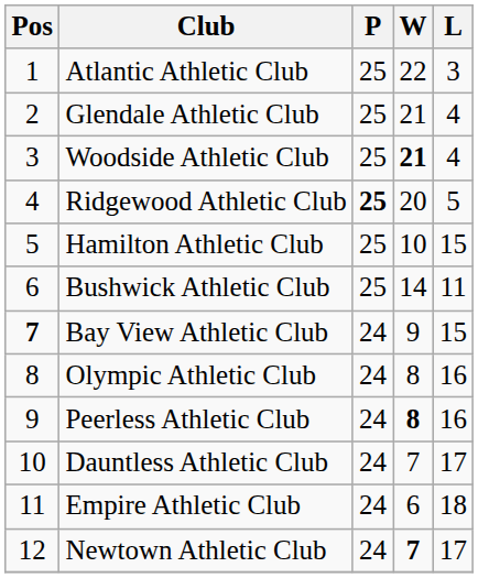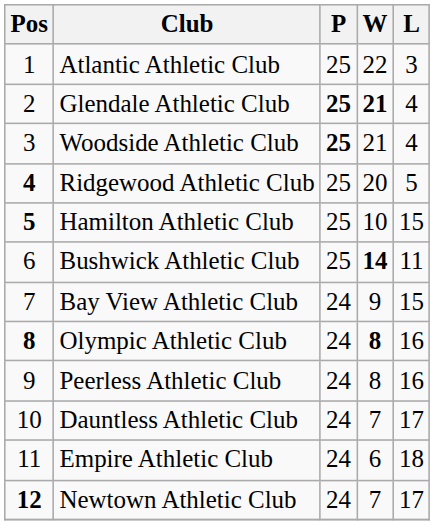 <table class="wikitable" style=text-align:center>
 <tr>
 <th>Pos</th>
 <th>Club</th>
 <th>P</th>
 <th>W</th>
 <th>L</th>
 </tr>
 <tr>
 <td>1</td>
 <td align=left>Atlantic Athletic Club</td>
 <td>25</td>
 <td>22</td>
 <td>3</td>
 </tr>
 <tr>
 <td>2</td>
 <td align=left>Glendale Athletic Club</td>
-<td>25</td>
-<td>21</td>
+<td><strong>25</strong></td>
+<td><strong>21</strong></td>
 <td>4</td>
 </tr>
 <tr>
 <td>3</td>
 <td align=left>Woodside Athletic Club</td>
-<td>25</td>
-<td><strong>21</strong></td>
+<td><strong>25</strong></td>
+<td>21</td>
 <td>4</td>
 </tr>
 <tr>
-<td>4</td>
+<td><strong>4</strong></td>
 <td align=left>Ridgewood Athletic Club</td>
-<td><strong>25</strong></td>
+<td>25</td>
 <td>20</td>
 <td>5</td>
 </tr>
 <tr>
-<td>5</td>
+<td><strong>5</strong></td>
 <td align=left>Hamilton Athletic Club</td>
 <td>25</td>
 <td>10</td>
 <td>15</td>
 </tr>
 <tr>
 <td>6</td>
 <td align=left>Bushwick Athletic Club</td>
 <td>25</td>
-<td>14</td>
+<td><strong>14</strong></td>
 <td>11</td>
 </tr>
 <tr>
-<td><strong>7</strong></td>
+<td>7</td>
 <td align=left>Bay View Athletic Club</td>
 <td>24</td>
 <td>9</td>
 <td>15</td>
 </tr>
 <tr>
-<td>8</td>
+<td><strong>8</strong></td>
 <td align=left>Olympic Athletic Club</td>
 <td>24</td>
-<td>8</td>
+<td><strong>8</strong></td>
 <td>16</td>
 </tr>
 <tr>
 <td>9</td>
 <td align=left>Peerless Athletic Club</td>
 <td>24</td>
-<td><strong>8</strong></td>
+<td>8</td>
 <td>16</td>
 </tr>
 <tr>
 <td>10</td>
 <td align=left>Dauntless Athletic Club</td>
 <td>24</td>
 <td>7</td>
 <td>17</td>
 </tr>
 <tr>
 <td>11</td>
 <td align=left>Empire Athletic Club</td>
 <td>24</td>
 <td>6</td>
 <td>18</td>
 </tr>
 <tr>
-<td>12</td>
+<td><strong>12</strong></td>
 <td align=left>Newtown Athletic Club</td>
 <td>24</td>
-<td><strong>7</strong></td>
+<td>7</td>
 <td>17</td>
 </tr>
 <tr>
 </tr>
 </table>
